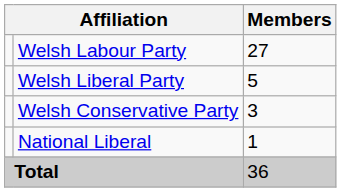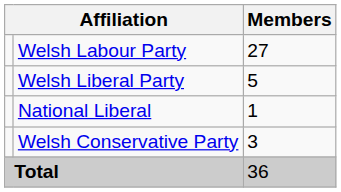 <table class="wikitable">
 <tr>
 <th colspan="2">Affiliation</th>
 <th>Members</th>
 </tr>
 <tr>
 <td style="color:inherit;background:"></td>
 <td><a href='#'>Welsh Labour Party</a></td>
 <td>27</td>
 </tr>
 <tr>
 <td style="color:inherit;background:"></td>
 <td><a href='#'>Welsh Liberal Party</a></td>
 <td>5</td>
 </tr>
 <tr>
+<td style="color:inherit;background-color: "></td>
+<td><a href='#'>National Liberal</a></td>
+<td>1</td>
+</tr>
+<tr>
 <td style="color:inherit;background:"></td>
 <td><a href='#'>Welsh Conservative Party</a></td>
 <td>3</td>
-</tr>
-<tr>
-<td style="color:inherit;background-color: "></td>
-<td><a href='#'>National Liberal</a></td>
-<td>1</td>
 </tr>
 <tr style="background:#ccc;">
 <td colspan="2"> <strong>Total</strong></td>
 <td>36</td>
 </tr>
 </table>
